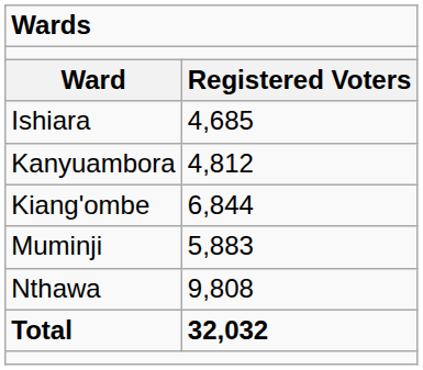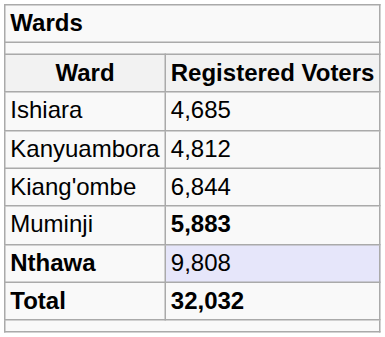 <table class="wikitable">
 <tr>
 <td colspan="2"><strong>Wards</strong></td>
 </tr>
 <tr>
 <td colspan="2"></td>
 </tr>
 <tr>
 <th>Ward</th>
 <th>Registered Voters</th>
 </tr>
 <tr>
 <td>Ishiara</td>
 <td>4,685</td>
 </tr>
 <tr>
 <td>Kanyuambora</td>
 <td>4,812</td>
 </tr>
 <tr>
 <td>Kiang'ombe</td>
 <td>6,844</td>
 </tr>
 <tr>
 <td>Muminji</td>
-<td>5,883</td>
+<td><strong>5,883</strong></td>
 </tr>
 <tr>
-<td>Nthawa</td>
-<td>9,808</td>
+<td><strong>Nthawa</strong></td>
+<td style="background: lavender;">9,808</td>
 </tr>
 <tr>
 <td><strong>Total</strong></td>
 <td><strong>32,032</strong></td>
 </tr>
 <tr>
 <td colspan="2"></td>
 </tr>
 </table>
